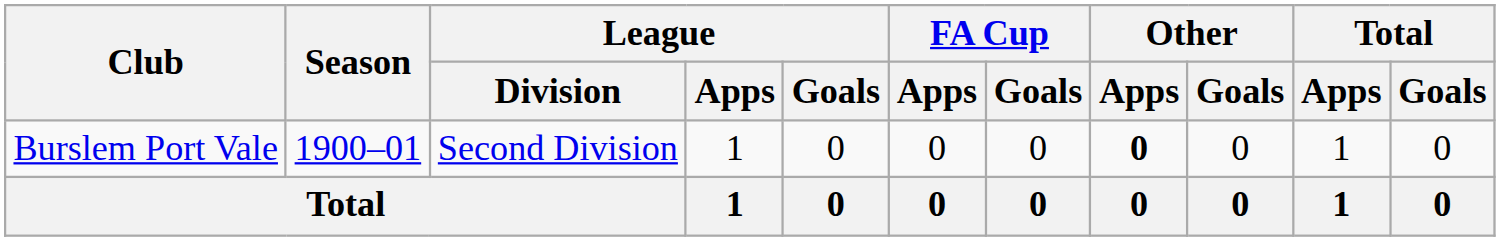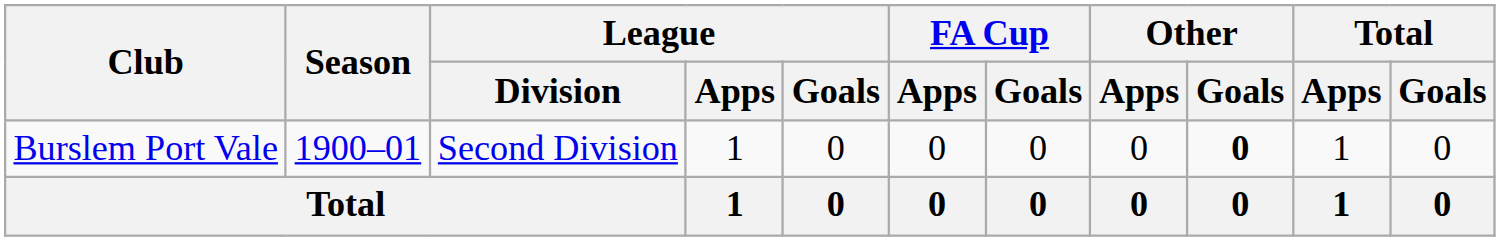 <table class="wikitable" style="text-align:center">
 <tr>
 <th rowspan="2">Club</th>
 <th rowspan="2">Season</th>
 <th colspan="3">League</th>
 <th colspan="2"><a href='#'>FA Cup</a></th>
 <th colspan="2">Other</th>
 <th colspan="2">Total</th>
 </tr>
 <tr>
 <th>Division</th>
 <th>Apps</th>
 <th>Goals</th>
 <th>Apps</th>
 <th>Goals</th>
 <th>Apps</th>
 <th>Goals</th>
 <th>Apps</th>
 <th>Goals</th>
 </tr>
 <tr>
 <td><a href='#'>Burslem Port Vale</a></td>
 <td><a href='#'>1900–01</a></td>
 <td><a href='#'>Second Division</a></td>
 <td>1</td>
 <td>0</td>
 <td>0</td>
 <td>0</td>
+<td>0</td>
 <td><strong>0</strong></td>
-<td>0</td>
 <td>1</td>
 <td>0</td>
 </tr>
 <tr>
 <th colspan="3">Total</th>
 <th>1</th>
 <th>0</th>
 <th>0</th>
 <th>0</th>
 <th>0</th>
 <th>0</th>
 <th>1</th>
 <th>0</th>
 </tr>
 </table>
